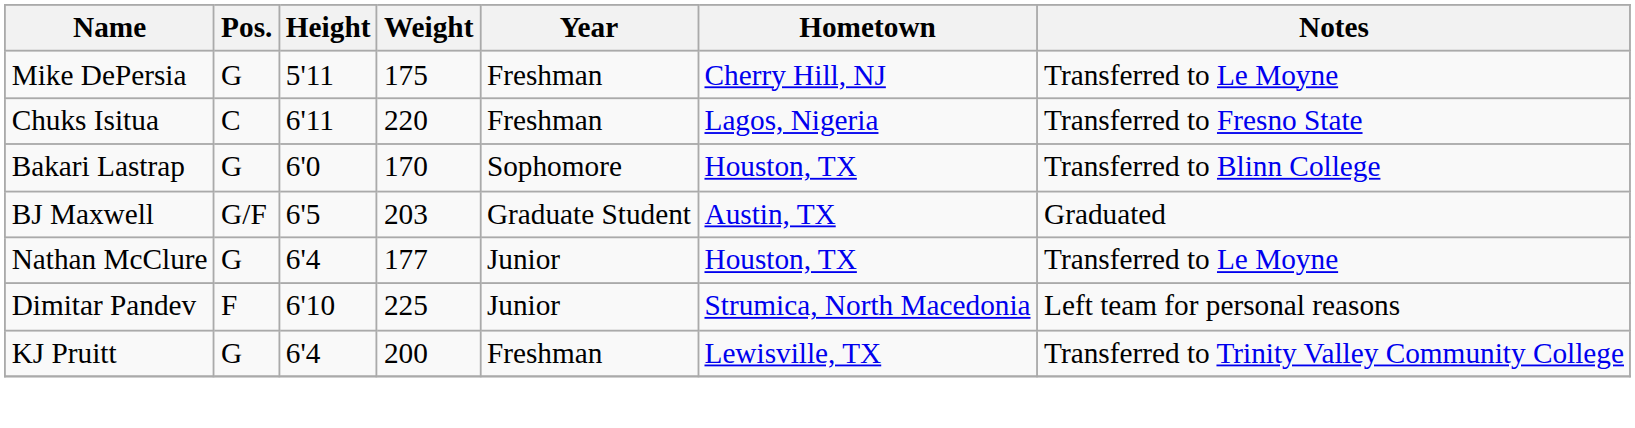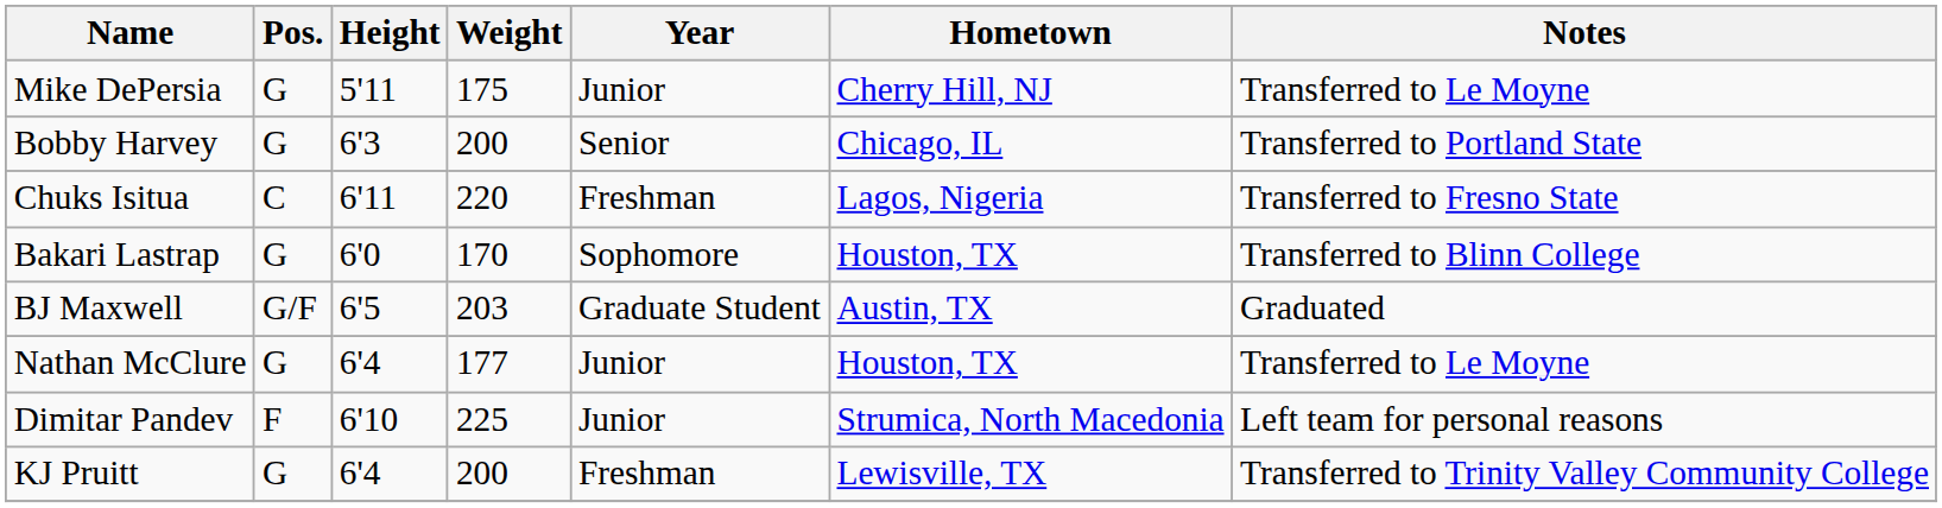 <table class="wikitable sortable" border="1">
 <tr align=center>
 <th>Name</th>
 <th>Pos.</th>
 <th>Height</th>
 <th>Weight</th>
 <th>Year</th>
 <th>Hometown</th>
 <th>Notes</th>
 </tr>
 <tr>
 <td>Mike DePersia</td>
 <td>G</td>
 <td>5'11</td>
 <td>175</td>
-<td>Freshman</td>
+<td>Junior</td>
 <td><a href='#'>Cherry Hill, NJ</a></td>
 <td>Transferred to <a href='#'>Le Moyne</a></td>
+</tr>
+<tr>
+<td>Bobby Harvey</td>
+<td>G</td>
+<td>6'3</td>
+<td>200</td>
+<td>Senior</td>
+<td><a href='#'>Chicago, IL</a></td>
+<td>Transferred to <a href='#'>Portland State</a></td>
 </tr>
 <tr>
 <td>Chuks Isitua</td>
 <td>C</td>
 <td>6'11</td>
 <td>220</td>
 <td>Freshman</td>
 <td><a href='#'>Lagos, Nigeria</a></td>
 <td>Transferred to <a href='#'>Fresno State</a></td>
 </tr>
 <tr>
 <td>Bakari Lastrap</td>
 <td>G</td>
 <td>6'0</td>
 <td>170</td>
 <td>Sophomore</td>
 <td><a href='#'>Houston, TX</a></td>
 <td>Transferred to <a href='#'>Blinn College</a></td>
 </tr>
 <tr>
 <td>BJ Maxwell</td>
 <td>G/F</td>
 <td>6'5</td>
 <td>203</td>
 <td>Graduate Student</td>
 <td><a href='#'>Austin, TX</a></td>
 <td>Graduated</td>
 </tr>
 <tr>
 <td>Nathan McClure</td>
 <td>G</td>
 <td>6'4</td>
 <td>177</td>
 <td>Junior</td>
 <td><a href='#'>Houston, TX</a></td>
 <td>Transferred to <a href='#'>Le Moyne</a></td>
 </tr>
 <tr>
 <td>Dimitar Pandev</td>
 <td>F</td>
 <td>6'10</td>
 <td>225</td>
 <td>Junior</td>
 <td><a href='#'>Strumica, North Macedonia</a></td>
 <td>Left team for personal reasons</td>
 </tr>
 <tr>
 <td>KJ Pruitt</td>
 <td>G</td>
 <td>6'4</td>
 <td>200</td>
 <td>Freshman</td>
 <td><a href='#'>Lewisville, TX</a></td>
 <td>Transferred to <a href='#'>Trinity Valley Community College</a></td>
 </tr>
 <tr>
 </tr>
 </table>
